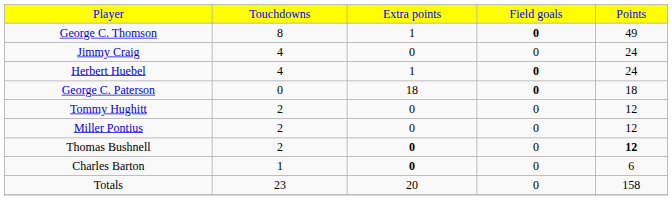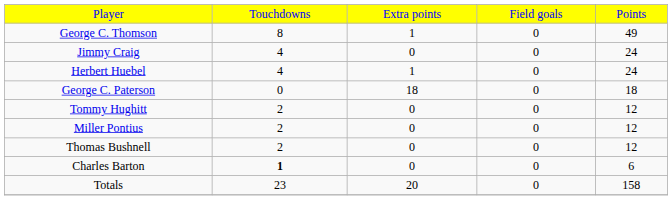 <table class="wikitable" width="70%">
 <tr align="center" style="background:yellow;color:blue;">
 <td>Player</td>
 <td>Touchdowns</td>
 <td>Extra points</td>
 <td>Field goals</td>
 <td>Points</td>
 </tr>
 <tr align="center" bgcolor="">
 <td><a href='#'>George C. Thomson</a></td>
 <td>8</td>
 <td>1</td>
-<td><strong>0</strong></td>
+<td>0</td>
 <td>49</td>
 </tr>
 <tr align="center" bgcolor="">
 <td><a href='#'>Jimmy Craig</a></td>
 <td>4</td>
 <td>0</td>
 <td>0</td>
 <td>24</td>
 </tr>
 <tr align="center" bgcolor="">
 <td><a href='#'>Herbert Huebel</a></td>
 <td>4</td>
 <td>1</td>
-<td><strong>0</strong></td>
+<td>0</td>
 <td>24</td>
 </tr>
 <tr align="center" bgcolor="">
 <td><a href='#'>George C. Paterson</a></td>
 <td>0</td>
 <td>18</td>
-<td><strong>0</strong></td>
+<td>0</td>
 <td>18</td>
 </tr>
 <tr align="center" bgcolor="">
 <td><a href='#'>Tommy Hughitt</a></td>
 <td>2</td>
 <td>0</td>
 <td>0</td>
 <td>12</td>
 </tr>
 <tr align="center" bgcolor="">
 <td><a href='#'>Miller Pontius</a></td>
 <td>2</td>
 <td>0</td>
 <td>0</td>
 <td>12</td>
 </tr>
 <tr align="center" bgcolor="">
 <td>Thomas Bushnell</td>
 <td>2</td>
-<td><strong>0</strong></td>
 <td>0</td>
-<td><strong>12</strong></td>
+<td>0</td>
+<td>12</td>
 </tr>
 <tr align="center" bgcolor="">
 <td>Charles Barton</td>
-<td>1</td>
-<td><strong>0</strong></td>
+<td><strong>1</strong></td>
+<td>0</td>
 <td>0</td>
 <td>6</td>
 </tr>
 <tr align="center" bgcolor="">
 <td>Totals</td>
 <td>23</td>
 <td>20</td>
 <td>0</td>
 <td>158</td>
 </tr>
 <tr align="center" bgcolor="">
 </tr>
 </table>
